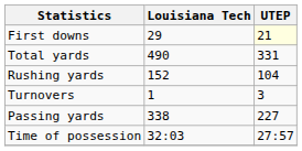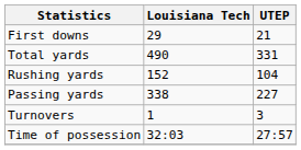 <table class="wikitable" style="float: left;">
 <tr>
 <th>Statistics</th>
 <th>Louisiana Tech</th>
 <th>UTEP</th>
 </tr>
 <tr>
 <td>First downs</td>
 <td>29</td>
-<td style="background: lightyellow;">21</td>
+<td>21</td>
 </tr>
 <tr>
 <td>Total yards</td>
 <td>490</td>
 <td>331</td>
 </tr>
 <tr>
 <td>Rushing yards</td>
 <td>152</td>
 <td>104</td>
 </tr>
 <tr>
+<td>Passing yards</td>
+<td>338</td>
+<td>227</td>
+</tr>
+<tr>
 <td>Turnovers</td>
 <td>1</td>
 <td>3</td>
-</tr>
-<tr>
-<td>Passing yards</td>
-<td>338</td>
-<td>227</td>
 </tr>
 <tr>
 <td>Time of possession</td>
 <td>32:03</td>
 <td>27:57</td>
 </tr>
 <tr>
 </tr>
 </table>
